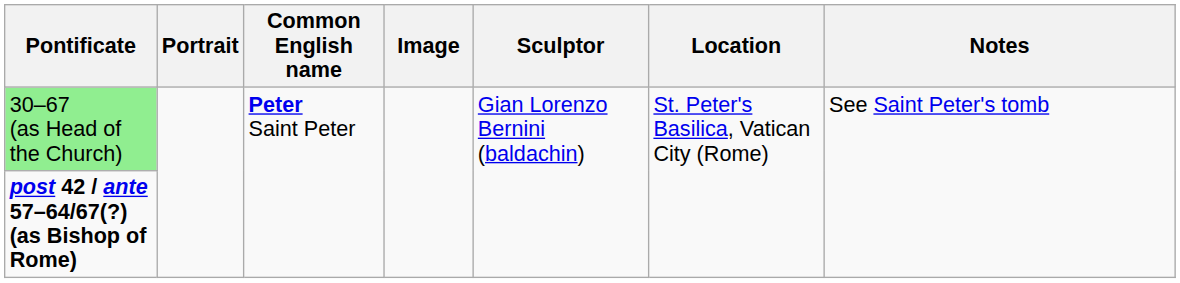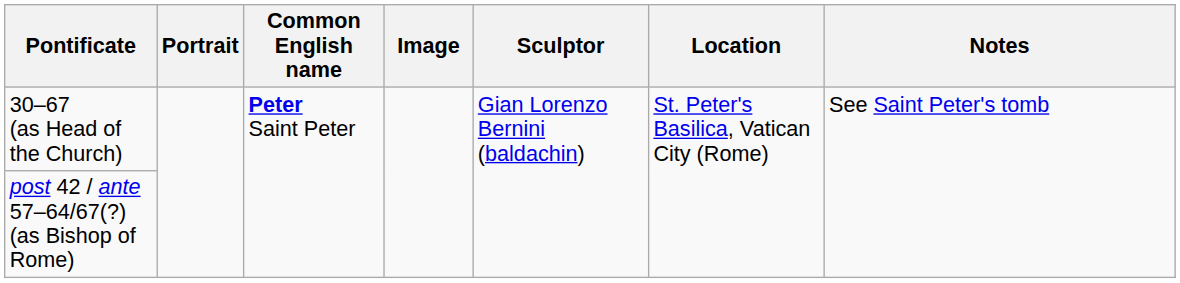 <table class=wikitable>
 <tr>
 <th style="width:13%;">Pontificate</th>
 <th style="width:5%;">Portrait</th>
 <th style="width:12%;">Common English name</th>
 <th>Image</th>
 <th style="width:15%;">Sculptor</th>
 <th style="width:15%;">Location</th>
 <th style="width:30%;">Notes</th>
 </tr>
 <tr valign="top">
-<td style="background: lightgreen;">30–67<br>(as Head of the Church)</td>
+<td>30–67<br>(as Head of the Church)</td>
 <td rowspan=2></td>
 <td rowspan="2"><strong><a href='#'>Peter</a></strong><br>Saint Peter</td>
 <td rowspan="2"></td>
 <td rowspan="2"><a href='#'>Gian Lorenzo Bernini</a> (<a href='#'>baldachin</a>)</td>
 <td rowspan="2"><a href='#'>St. Peter's Basilica</a>, Vatican City (Rome)</td>
 <td rowspan="2">See <a href='#'>Saint Peter's tomb</a></td>
 </tr>
 <tr valign="top">
-<td><strong><em><a href='#'>post</a> </em>42 / <em><a href='#'>ante</a> </em>57–64/67(?)<br>(as Bishop of Rome)</strong></td>
+<td><em><a href='#'>post</a> </em>42 / <em><a href='#'>ante</a> </em>57–64/67(?)<br>(as Bishop of Rome)</td>
 </tr>
 </table>
